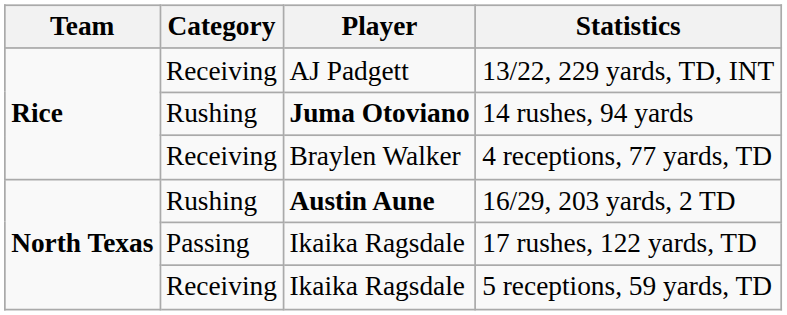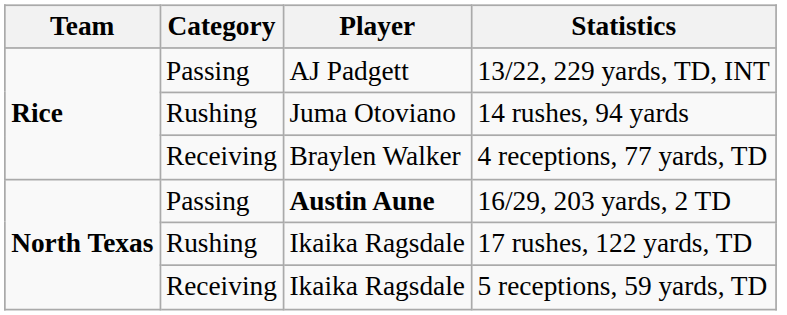 <table class="wikitable" style="float: left;">
 <tr>
 <th>Team</th>
 <th>Category</th>
 <th>Player</th>
 <th>Statistics</th>
 </tr>
 <tr>
 <td rowspan=3><strong>Rice</strong></td>
-<td>Receiving</td>
+<td>Passing</td>
 <td>AJ Padgett</td>
 <td>13/22, 229 yards, TD, INT</td>
 </tr>
 <tr>
 <td>Rushing</td>
-<td><strong>Juma Otoviano</strong></td>
+<td>Juma Otoviano</td>
 <td>14 rushes, 94 yards</td>
 </tr>
 <tr>
 <td>Receiving</td>
 <td>Braylen Walker</td>
 <td>4 receptions, 77 yards, TD</td>
 </tr>
 <tr>
 <td rowspan=3><strong>North Texas</strong></td>
-<td>Rushing</td>
+<td>Passing</td>
 <td><strong>Austin Aune</strong></td>
 <td>16/29, 203 yards, 2 TD</td>
 </tr>
 <tr>
-<td>Passing</td>
+<td>Rushing</td>
 <td>Ikaika Ragsdale</td>
 <td>17 rushes, 122 yards, TD</td>
 </tr>
 <tr>
 <td>Receiving</td>
 <td>Ikaika Ragsdale</td>
 <td>5 receptions, 59 yards, TD</td>
 </tr>
 </table>
